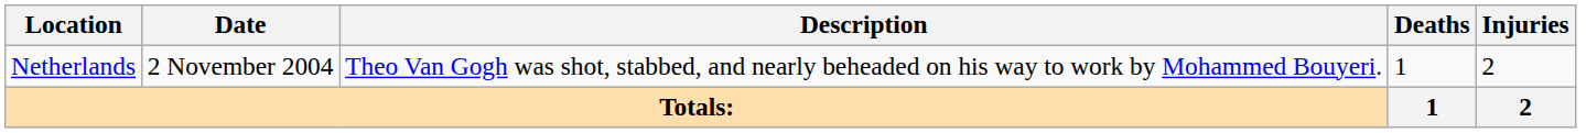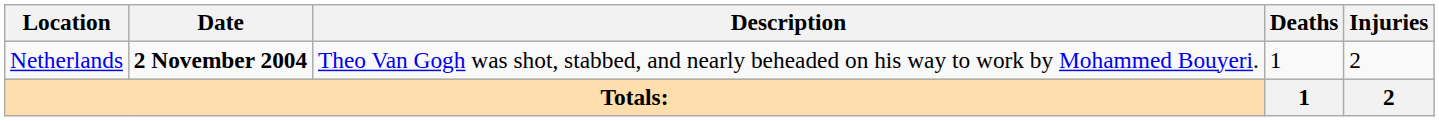 <table class="wikitable sortable">
 <tr>
 <th scope="col">Location</th>
 <th scope="col">Date</th>
 <th scope="col" class="unsortable">Description</th>
 <th scope="col">Deaths</th>
 <th scope="col">Injuries</th>
 </tr>
 <tr>
 <td><a href='#'>Netherlands</a></td>
-<td>2 November 2004</td>
+<td><strong>2 November 2004</strong></td>
 <td><a href='#'>Theo Van Gogh</a> was shot, stabbed, and nearly beheaded on his way to work by <a href='#'>Mohammed Bouyeri</a>.</td>
 <td>1</td>
 <td>2</td>
 </tr>
 <tr>
 <th style="background:navajowhite" colspan="3">Totals:</th>
 <th>1</th>
 <th>2</th>
 </tr>
 </table>
